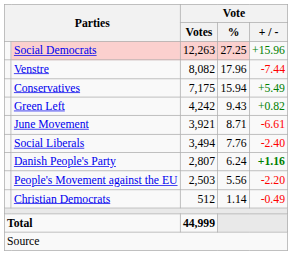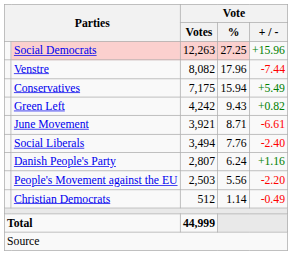 <table class="wikitable" style="text-align:right;">
 <tr>
 <th style="text-align:centre;" rowspan="2" colspan="2" width="225">Parties</th>
 <th colspan="3">Vote</th>
 </tr>
 <tr>
 <th width="15">Votes</th>
 <th width="15">%</th>
 <th width="15">+ / -</th>
 </tr>
 <tr>
 <td width="2" style="color:inherit;background:"></td>
 <td bgcolor=#fbd0ce   align="left"><a href='#'>Social Democrats</a></td>
 <td bgcolor=#fbd0ce>12,263</td>
 <td bgcolor=#fbd0ce>27.25</td>
 <td style=color:green;>+15.96</td>
 </tr>
 <tr>
 <td width="2" style="color:inherit;background:"></td>
 <td align="left"><a href='#'>Venstre</a></td>
 <td>8,082</td>
 <td>17.96</td>
 <td style=color:red;>-7.44</td>
 </tr>
 <tr>
 <td width="2" style="color:inherit;background:"></td>
 <td align="left"><a href='#'>Conservatives</a></td>
 <td>7,175</td>
 <td>15.94</td>
 <td style=color:green;>+5.49</td>
 </tr>
 <tr>
 <td width="2" style="color:inherit;background:"></td>
 <td align="left"><a href='#'>Green Left</a></td>
 <td>4,242</td>
 <td>9.43</td>
 <td style=color:green;>+0.82</td>
 </tr>
 <tr>
 <td width="2" style="color:inherit;background:"></td>
 <td align="left"><a href='#'>June Movement</a></td>
 <td>3,921</td>
 <td>8.71</td>
 <td style=color:red;>-6.61</td>
 </tr>
 <tr>
 <td width="2" style="color:inherit;background:"></td>
 <td align="left"><a href='#'>Social Liberals</a></td>
 <td>3,494</td>
 <td>7.76</td>
 <td style=color:red;>-2.40</td>
 </tr>
 <tr>
 <td width="2" style="color:inherit;background:"></td>
 <td align="left"><a href='#'>Danish People's Party</a></td>
 <td>2,807</td>
 <td>6.24</td>
-<td style=color:green;><strong>+1.16</strong></td>
+<td style=color:green;>+1.16</td>
 </tr>
 <tr>
 <td width="2" style="color:inherit;background:"></td>
 <td align="left"><a href='#'>People's Movement against the EU</a></td>
 <td>2,503</td>
 <td>5.56</td>
 <td style=color:red;>-2.20</td>
 </tr>
 <tr>
 <td width="2" style="color:inherit;background:"></td>
 <td align="left"><a href='#'>Christian Democrats</a></td>
 <td>512</td>
 <td>1.14</td>
 <td style=color:red;>-0.49</td>
 </tr>
 <tr>
 <td colspan="7" bgcolor="#E9E9E9"></td>
 </tr>
 <tr>
 <td align="left" colspan="2"><strong>Total</strong></td>
 <td><strong>44,999</strong></td>
 <td bgcolor="#E9E9E9" colspan="2"></td>
 </tr>
 <tr>
 <td align="left" colspan="6">Source</td>
 </tr>
 </table>
